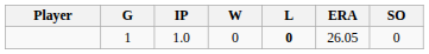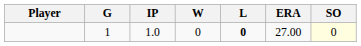 <table class="wikitable sortable">
 <tr>
 <th bgcolor="#DDDDFF" width="16%">Player</th>
 <th bgcolor="#DDDDFF" width="9%">G</th>
 <th bgcolor="#DDDDFF" width="9%">IP</th>
 <th bgcolor="#DDDDFF" width="9%">W</th>
 <th bgcolor="#DDDDFF" width="9%">L</th>
 <th bgcolor="#DDDDFF" width="9%">ERA</th>
 <th bgcolor="#DDDDFF" width="9%">SO</th>
 </tr>
 <tr align="center">
 <td></td>
 <td>1</td>
 <td>1.0</td>
 <td>0</td>
 <td><strong>0</strong></td>
-<td>26.05</td>
-<td>0</td>
+<td>27.00</td>
+<td style="background: lightyellow;">0</td>
 </tr>
 </table>
